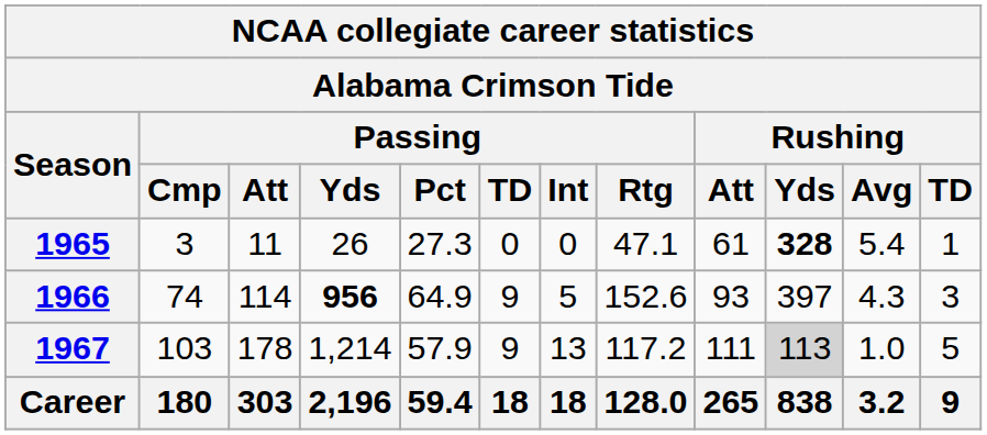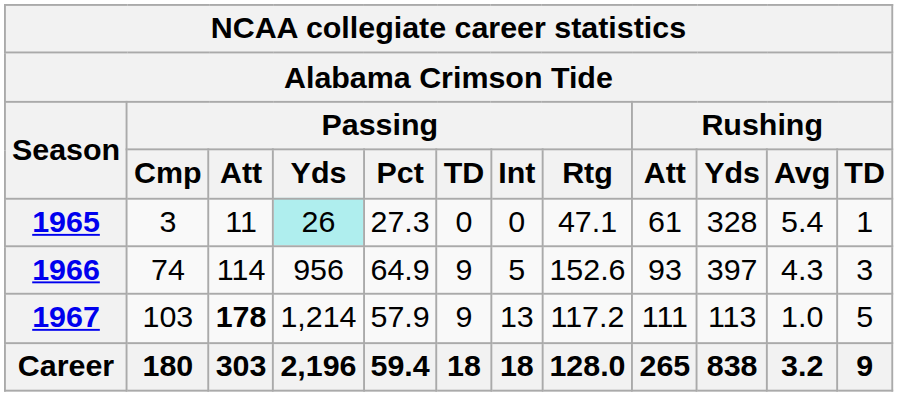 <table class=wikitable style="text-align:center;">
 <tr>
 <th colspan="14">NCAA collegiate career statistics</th>
 </tr>
 <tr>
 <th colspan="14">Alabama Crimson Tide</th>
 </tr>
 <tr>
 <th rowspan="2">Season</th>
 <th colspan="7">Passing</th>
 <th colspan="4">Rushing</th>
 </tr>
 <tr>
 <th>Cmp</th>
 <th>Att</th>
 <th>Yds</th>
 <th>Pct</th>
 <th>TD</th>
 <th>Int</th>
 <th>Rtg</th>
 <th>Att</th>
 <th>Yds</th>
 <th>Avg</th>
 <th>TD</th>
 </tr>
 <tr>
 <th><a href='#'>1965</a></th>
 <td>3</td>
 <td>11</td>
-<td>26</td>
+<td style="background: paleturquoise;">26</td>
 <td>27.3</td>
 <td>0</td>
 <td>0</td>
 <td>47.1</td>
 <td>61</td>
-<td><strong>328</strong></td>
+<td>328</td>
 <td>5.4</td>
 <td>1</td>
 </tr>
 <tr>
 <th><a href='#'>1966</a></th>
 <td>74</td>
 <td>114</td>
-<td><strong>956</strong></td>
+<td>956</td>
 <td>64.9</td>
 <td>9</td>
 <td>5</td>
 <td>152.6</td>
 <td>93</td>
 <td>397</td>
 <td>4.3</td>
 <td>3</td>
 </tr>
 <tr>
 <th><a href='#'>1967</a></th>
 <td>103</td>
-<td>178</td>
+<td><strong>178</strong></td>
 <td>1,214</td>
 <td>57.9</td>
 <td>9</td>
 <td>13</td>
 <td>117.2</td>
 <td>111</td>
-<td style="background: lightgrey;">113</td>
+<td>113</td>
 <td>1.0</td>
 <td>5</td>
 </tr>
 <tr>
 <th>Career</th>
 <th>180</th>
 <th>303</th>
 <th>2,196</th>
 <th>59.4</th>
 <th>18</th>
 <th>18</th>
 <th>128.0</th>
 <th>265</th>
 <th>838</th>
 <th>3.2</th>
 <th>9</th>
 </tr>
 </table>
